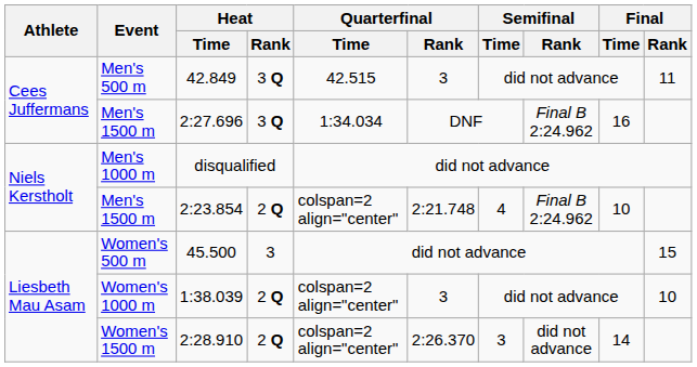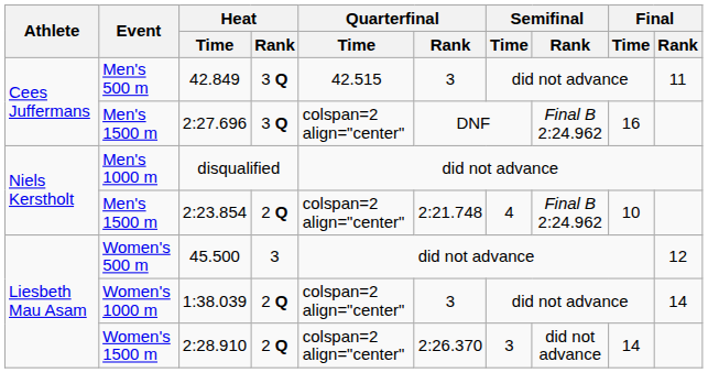 <table class="wikitable" style="font-size:90%">
 <tr>
 <th rowspan="2">Athlete</th>
 <th rowspan="2">Event</th>
 <th colspan="2">Heat</th>
 <th colspan="2">Quarterfinal</th>
 <th colspan="2">Semifinal</th>
 <th colspan="2">Final</th>
 </tr>
 <tr>
 <th>Time</th>
 <th>Rank</th>
 <th>Time</th>
 <th>Rank</th>
 <th>Time</th>
 <th>Rank</th>
 <th>Time</th>
 <th>Rank</th>
 </tr>
 <tr>
 <td rowspan=2><a href='#'>Cees Juffermans</a></td>
 <td><a href='#'>Men's 500 m</a></td>
 <td align="center">42.849</td>
 <td align="center">3 <strong>Q</strong></td>
 <td align="center">42.515</td>
 <td align="center">3</td>
 <td colspan=3 align="center">did not advance</td>
 <td align="center">11</td>
 </tr>
 <tr>
 <td><a href='#'>Men's 1500 m</a></td>
 <td align="center">2:27.696</td>
 <td align="center">3 <strong>Q</strong></td>
-<td align="center">1:34.034</td>
+<td>colspan=2 align="center" </td>
 <td colspan=2 align="center">DNF</td>
 <td align="center"><em>Final B</em> <br>2:24.962</td>
 <td align="center">16</td>
 </tr>
 <tr>
 <td rowspan=2><a href='#'>Niels Kerstholt</a></td>
 <td><a href='#'>Men's 1000 m</a></td>
 <td colspan=2 align="center">disqualified</td>
 <td colspan=6 align="center">did not advance</td>
 </tr>
 <tr>
 <td><a href='#'>Men's 1500 m</a></td>
 <td align="center">2:23.854</td>
 <td align="center">2 <strong>Q</strong></td>
 <td>colspan=2 align="center" </td>
 <td align="center">2:21.748</td>
 <td align="center">4</td>
 <td align="center"><em>Final B</em> <br>2:24.962</td>
 <td align="center">10</td>
 </tr>
 <tr>
 <td rowspan=3><a href='#'>Liesbeth Mau Asam</a></td>
 <td><a href='#'>Women's 500 m</a></td>
 <td align="center">45.500</td>
 <td align="center">3</td>
 <td colspan=5 align="center">did not advance</td>
-<td align="center">15</td>
+<td align="center">12</td>
 </tr>
 <tr>
 <td><a href='#'>Women's 1000 m</a></td>
 <td align="center">1:38.039</td>
 <td align="center">2 <strong>Q</strong></td>
 <td>colspan=2 align="center" </td>
 <td align="center">3</td>
 <td colspan=3 align="center">did not advance</td>
-<td align="center">10</td>
+<td align="center">14</td>
 </tr>
 <tr>
 <td><a href='#'>Women's 1500 m</a></td>
 <td align="center">2:28.910</td>
 <td align="center">2 <strong>Q</strong></td>
 <td>colspan=2 align="center" </td>
 <td align="center">2:26.370</td>
 <td align="center">3</td>
 <td align="center">did not advance</td>
 <td align="center">14</td>
 </tr>
 </table>
